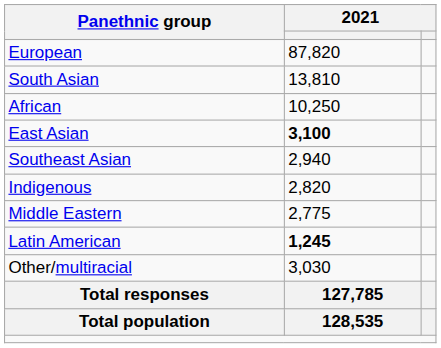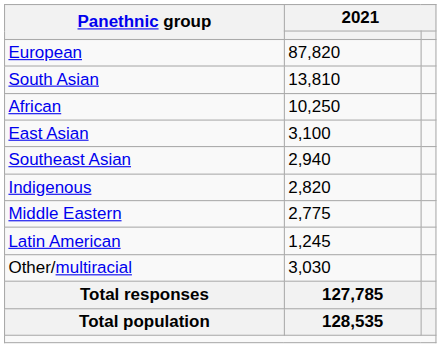 <table class="wikitable collapsible sortable">
 <tr>
 <th rowspan="2"><a href='#'>Panethnic</a> group</th>
 <th colspan="2">2021</th>
 </tr>
 <tr>
 <th><a href='#'></a></th>
 <th></th>
 </tr>
 <tr>
 <td><a href='#'>European</a></td>
 <td>87,820</td>
 <td></td>
 </tr>
 <tr>
 <td><a href='#'>South Asian</a></td>
 <td>13,810</td>
 <td></td>
 </tr>
 <tr>
 <td><a href='#'>African</a></td>
 <td>10,250</td>
 <td></td>
 </tr>
 <tr>
 <td><a href='#'>East Asian</a></td>
-<td><strong>3,100</strong></td>
+<td>3,100</td>
 <td></td>
 </tr>
 <tr>
 <td><a href='#'>Southeast Asian</a></td>
 <td>2,940</td>
 <td></td>
 </tr>
 <tr>
 <td><a href='#'>Indigenous</a></td>
 <td>2,820</td>
 <td></td>
 </tr>
 <tr>
 <td><a href='#'>Middle Eastern</a></td>
 <td>2,775</td>
 <td></td>
 </tr>
 <tr>
 <td><a href='#'>Latin American</a></td>
-<td><strong>1,245</strong></td>
+<td>1,245</td>
 <td></td>
 </tr>
 <tr>
 <td>Other/<a href='#'>multiracial</a></td>
 <td>3,030</td>
 <td></td>
 </tr>
 <tr>
 <th>Total responses</th>
 <th>127,785</th>
 <th></th>
 </tr>
 <tr class="sortbottom">
 <th>Total population</th>
 <th>128,535</th>
 <th></th>
 </tr>
 <tr class="sortbottom">
 <td colspan="15" style="width: 25em;"></td>
 </tr>
 </table>
